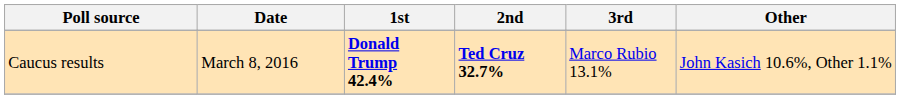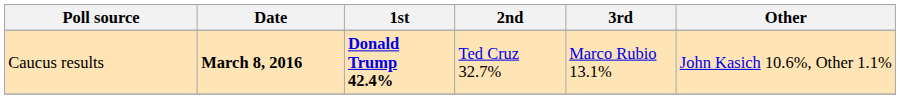 <table class="wikitable">
 <tr>
 <th style="width:180px;">Poll source</th>
 <th style="width:135px;">Date</th>
 <th style="width:100px;">1st</th>
 <th style="width:100px;">2nd</th>
 <th style="width:100px;">3rd</th>
 <th>Other</th>
 </tr>
 <tr>
 </tr>
 <tr style="background:Moccasin;">
 <td>Caucus results</td>
-<td>March 8, 2016</td>
+<td><strong>March 8, 2016</strong></td>
 <td><strong><a href='#'>Donald Trump</a><br>42.4%</strong></td>
-<td><strong><a href='#'>Ted Cruz</a><br>32.7%</strong></td>
+<td><a href='#'>Ted Cruz</a><br>32.7%</td>
 <td><a href='#'>Marco Rubio</a><br>13.1%</td>
 <td><a href='#'>John Kasich</a> 10.6%, Other 1.1%</td>
 </tr>
 <tr>
 </tr>
 </table>
